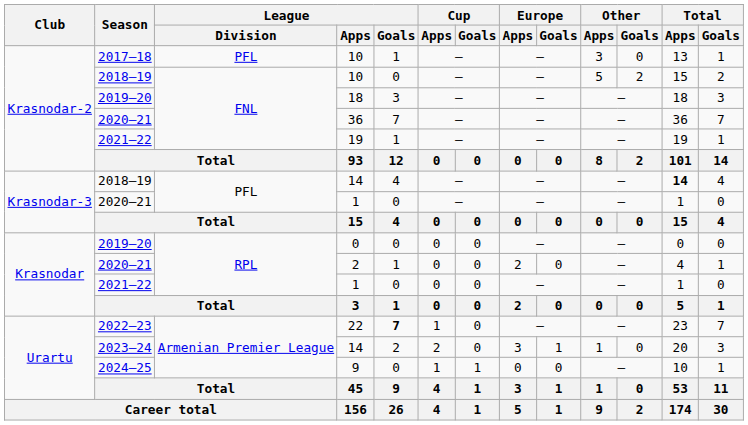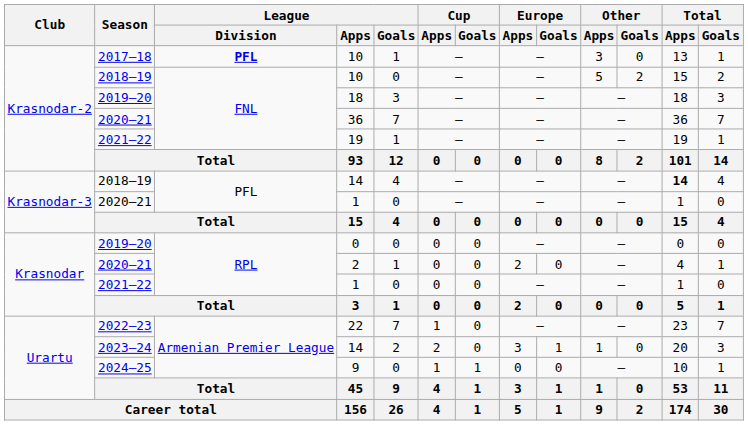 <table class=wikitable style=text-align:center>
 <tr>
 <th rowspan=2>Club</th>
 <th rowspan=2>Season</th>
 <th colspan=3>League</th>
 <th colspan=2>Cup</th>
 <th colspan=2>Europe</th>
 <th colspan=2>Other</th>
 <th colspan=2>Total</th>
 </tr>
 <tr>
 <th>Division</th>
 <th>Apps</th>
 <th>Goals</th>
 <th>Apps</th>
 <th>Goals</th>
 <th>Apps</th>
 <th>Goals</th>
 <th>Apps</th>
 <th>Goals</th>
 <th>Apps</th>
 <th>Goals</th>
 </tr>
 <tr>
 <td rowspan="6"><a href='#'>Krasnodar-2</a></td>
 <td><a href='#'>2017–18</a></td>
-<td><a href='#'>PFL</a></td>
+<td><strong><a href='#'>PFL</a></strong></td>
 <td>10</td>
 <td>1</td>
 <td colspan=2>—</td>
 <td colspan=2>—</td>
 <td>3</td>
 <td>0</td>
 <td>13</td>
 <td>1</td>
 </tr>
 <tr>
 <td><a href='#'>2018–19</a></td>
 <td rowspan="4"><a href='#'>FNL</a></td>
 <td>10</td>
 <td>0</td>
 <td colspan=2>—</td>
 <td colspan=2>—</td>
 <td>5</td>
 <td>2</td>
 <td>15</td>
 <td>2</td>
 </tr>
 <tr>
 <td><a href='#'>2019–20</a></td>
 <td>18</td>
 <td>3</td>
 <td colspan=2>—</td>
 <td colspan=2>—</td>
 <td colspan=2>—</td>
 <td>18</td>
 <td>3</td>
 </tr>
 <tr>
 <td><a href='#'>2020–21</a></td>
 <td>36</td>
 <td>7</td>
 <td colspan=2>—</td>
 <td colspan=2>—</td>
 <td colspan=2>—</td>
 <td>36</td>
 <td>7</td>
 </tr>
 <tr>
 <td><a href='#'>2021–22</a></td>
 <td>19</td>
 <td>1</td>
 <td colspan=2>—</td>
 <td colspan=2>—</td>
 <td colspan=2>—</td>
 <td>19</td>
 <td>1</td>
 </tr>
 <tr>
 <th colspan=2>Total</th>
 <th>93</th>
 <th>12</th>
 <th>0</th>
 <th>0</th>
 <th>0</th>
 <th>0</th>
 <th>8</th>
 <th>2</th>
 <th>101</th>
 <th>14</th>
 </tr>
 <tr>
 <td rowspan="3"><a href='#'>Krasnodar-3</a></td>
 <td>2018–19</td>
 <td rowspan="2">PFL</td>
 <td>14</td>
 <td>4</td>
 <td colspan=2>—</td>
 <td colspan=2>—</td>
 <td colspan=2>—</td>
 <td><strong>14</strong></td>
 <td>4</td>
 </tr>
 <tr>
 <td>2020–21</td>
 <td>1</td>
 <td>0</td>
 <td colspan=2>—</td>
 <td colspan=2>—</td>
 <td colspan=2>—</td>
 <td>1</td>
 <td>0</td>
 </tr>
 <tr>
 <th colspan=2>Total</th>
 <th>15</th>
 <th>4</th>
 <th>0</th>
 <th>0</th>
 <th>0</th>
 <th>0</th>
 <th>0</th>
 <th>0</th>
 <th>15</th>
 <th>4</th>
 </tr>
 <tr>
 <td rowspan="4"><a href='#'>Krasnodar</a></td>
 <td><a href='#'>2019–20</a></td>
 <td rowspan="3"><a href='#'>RPL</a></td>
 <td>0</td>
 <td>0</td>
 <td>0</td>
 <td>0</td>
 <td colspan=2>—</td>
 <td colspan=2>—</td>
 <td>0</td>
 <td>0</td>
 </tr>
 <tr>
 <td><a href='#'>2020–21</a></td>
 <td>2</td>
 <td>1</td>
 <td>0</td>
 <td>0</td>
 <td>2</td>
 <td>0</td>
 <td colspan=2>—</td>
 <td>4</td>
 <td>1</td>
 </tr>
 <tr>
 <td><a href='#'>2021–22</a></td>
 <td>1</td>
 <td>0</td>
 <td>0</td>
 <td>0</td>
 <td colspan=2>—</td>
 <td colspan=2>—</td>
 <td>1</td>
 <td>0</td>
 </tr>
 <tr>
 <th colspan=2>Total</th>
 <th>3</th>
 <th>1</th>
 <th>0</th>
 <th>0</th>
 <th>2</th>
 <th>0</th>
 <th>0</th>
 <th>0</th>
 <th>5</th>
 <th>1</th>
 </tr>
 <tr>
 <td rowspan="4"><a href='#'>Urartu</a></td>
 <td><a href='#'>2022–23</a></td>
 <td rowspan="3"><a href='#'>Armenian Premier League</a></td>
 <td>22</td>
-<td><strong>7</strong></td>
+<td>7</td>
 <td>1</td>
 <td>0</td>
 <td colspan=2>—</td>
 <td colspan=2>—</td>
 <td>23</td>
 <td>7</td>
 </tr>
 <tr>
 <td><a href='#'>2023–24</a></td>
 <td>14</td>
 <td>2</td>
 <td>2</td>
 <td>0</td>
 <td>3</td>
 <td>1</td>
 <td>1</td>
 <td>0</td>
 <td>20</td>
 <td>3</td>
 </tr>
 <tr>
 <td><a href='#'>2024–25</a></td>
 <td>9</td>
 <td>0</td>
 <td>1</td>
 <td>1</td>
 <td>0</td>
 <td>0</td>
 <td colspan=2>—</td>
 <td>10</td>
 <td>1</td>
 </tr>
 <tr>
 <th colspan=2>Total</th>
 <th>45</th>
 <th>9</th>
 <th>4</th>
 <th>1</th>
 <th>3</th>
 <th>1</th>
 <th>1</th>
 <th>0</th>
 <th>53</th>
 <th>11</th>
 </tr>
 <tr>
 <th colspan=3>Career total</th>
 <th>156</th>
 <th>26</th>
 <th>4</th>
 <th>1</th>
 <th>5</th>
 <th>1</th>
 <th>9</th>
 <th>2</th>
 <th>174</th>
 <th>30</th>
 </tr>
 </table>
